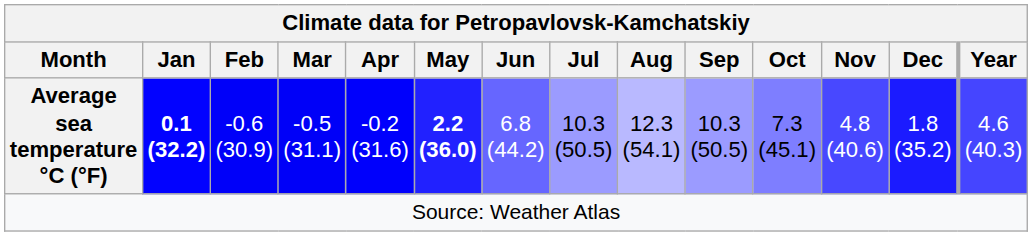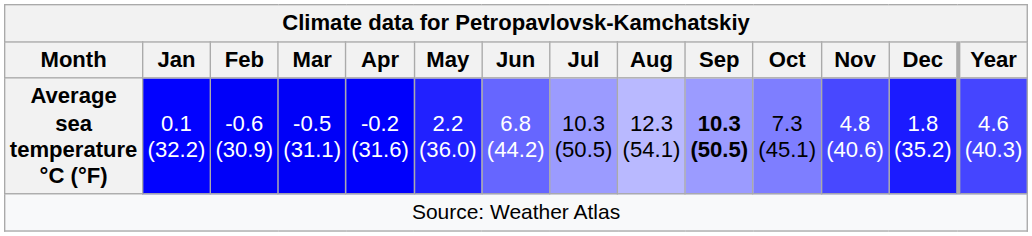 <table style="width:100%;text-align:center;line-height:1.2em;margin-left:auto;margin-right:auto" class="wikitable mw-collapsible">
 <tr>
 <th Colspan=14>Climate data for Petropavlovsk-Kamchatskiy</th>
 </tr>
 <tr>
 <th>Month</th>
 <th>Jan</th>
 <th>Feb</th>
 <th>Mar</th>
 <th>Apr</th>
 <th>May</th>
 <th>Jun</th>
 <th>Jul</th>
 <th>Aug</th>
 <th>Sep</th>
 <th>Oct</th>
 <th>Nov</th>
 <th>Dec</th>
 <th style="border-left-width:medium">Year</th>
 </tr>
 <tr>
 <th>Average sea temperature °C (°F)</th>
-<td style="background:#0202FF;color:#FFFFFF;"><strong>0.1<br>(32.2)</strong></td>
+<td style="background:#0202FF;color:#FFFFFF;">0.1<br>(32.2)</td>
 <td style="background:#0000F9;color:#FFFFFF;">-0.6<br>(30.9)</td>
 <td style="background:#0000F8;color:#FFFFFF;">-0.5<br>(31.1)</td>
 <td style="background:#0000FC;color:#FFFFFF;">-0.2<br>(31.6)</td>
-<td style="background:#2121FF;color:#FFFFFF;"><strong>2.2<br>(36.0)</strong></td>
+<td style="background:#2121FF;color:#FFFFFF;">2.2<br>(36.0)</td>
 <td style="background:#6666FF;color:#FFFFFF;">6.8<br>(44.2)</td>
 <td style="background:#9B9BFF;color:#000000;">10.3<br>(50.5)</td>
 <td style="background:#B9B9FF;color:#000000;">12.3<br>(54.1)</td>
-<td style="background:#9B9BFF;color:#000000;">10.3<br>(50.5)</td>
+<td style="background:#9B9BFF;color:#000000;"><strong>10.3<br>(50.5)</strong></td>
 <td style="background:#7E7EFF;color:#000000;">7.3<br>(45.1)</td>
 <td style="background:#4848FF;color:#FFFFFF;">4.8<br>(40.6)</td>
 <td style="background:#1B1BFF;color:#FFFFFF;">1.8<br>(35.2)</td>
 <td style="background:#4545FF;color:#FFFFFF;border-left-width:medium">4.6<br>(40.3)</td>
 </tr>
 <tr>
 <th Colspan=14 style="background:#f8f9fa;font-weight:normal;font-size:95%;">Source: Weather Atlas </th>
 </tr>
 </table>
